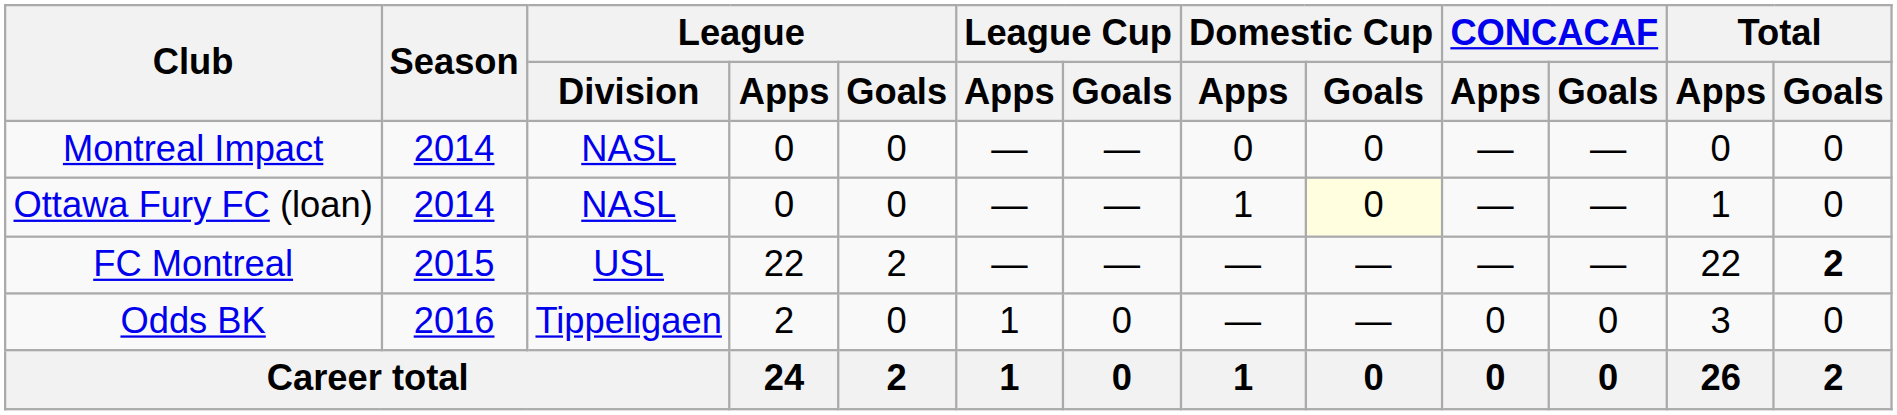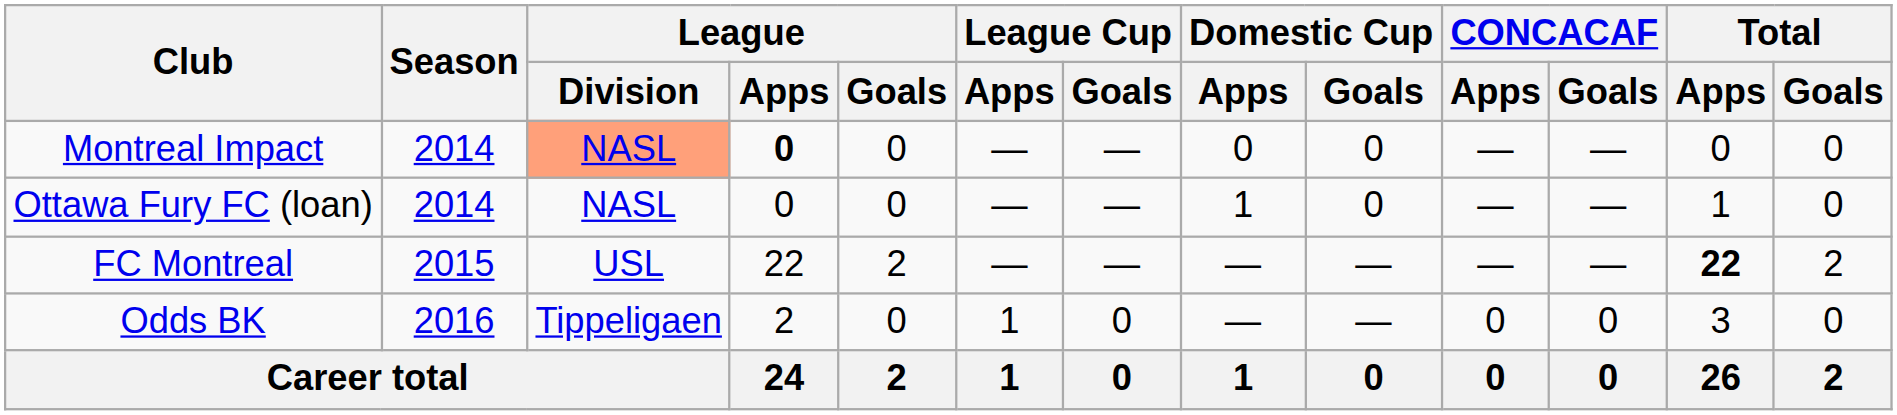 <table class="wikitable" style="text-align: center;">
 <tr>
 <th rowspan="2">Club</th>
 <th rowspan="2">Season</th>
 <th colspan="3">League</th>
 <th colspan="2">League Cup</th>
 <th colspan="2">Domestic Cup</th>
 <th colspan="2"><a href='#'>CONCACAF</a></th>
 <th colspan="2">Total</th>
 </tr>
 <tr>
 <th>Division</th>
 <th>Apps</th>
 <th>Goals</th>
 <th>Apps</th>
 <th>Goals</th>
 <th>Apps</th>
 <th>Goals</th>
 <th>Apps</th>
 <th>Goals</th>
 <th>Apps</th>
 <th>Goals</th>
 </tr>
 <tr>
 <td rowspan="1"><a href='#'>Montreal Impact</a></td>
 <td><a href='#'>2014</a></td>
-<td><a href='#'>NASL</a></td>
-<td>0</td>
+<td style="background: lightsalmon;"><a href='#'>NASL</a></td>
+<td><strong>0</strong></td>
 <td>0</td>
 <td>—</td>
 <td>—</td>
 <td>0</td>
 <td>0</td>
 <td>—</td>
 <td>—</td>
 <td>0</td>
 <td>0</td>
 </tr>
 <tr>
 <td rowspan="1"><a href='#'>Ottawa Fury FC</a> (loan)</td>
 <td><a href='#'>2014</a></td>
 <td><a href='#'>NASL</a></td>
 <td>0</td>
 <td>0</td>
 <td>—</td>
 <td>—</td>
 <td>1</td>
-<td style="background: lightyellow;">0</td>
+<td>0</td>
 <td>—</td>
 <td>—</td>
 <td>1</td>
 <td>0</td>
 </tr>
 <tr>
 <td rowspan="1"><a href='#'>FC Montreal</a></td>
 <td><a href='#'>2015</a></td>
 <td><a href='#'>USL</a></td>
 <td>22</td>
 <td>2</td>
 <td>—</td>
 <td>—</td>
 <td>—</td>
 <td>—</td>
 <td>—</td>
 <td>—</td>
-<td>22</td>
-<td><strong>2</strong></td>
+<td><strong>22</strong></td>
+<td>2</td>
 </tr>
 <tr>
 <td rowspan="1"><a href='#'>Odds BK</a></td>
 <td><a href='#'>2016</a></td>
 <td><a href='#'>Tippeligaen</a></td>
 <td>2</td>
 <td>0</td>
 <td>1</td>
 <td>0</td>
 <td>—</td>
 <td>—</td>
 <td>0</td>
 <td>0</td>
 <td>3</td>
 <td>0</td>
 </tr>
 <tr>
 <th colspan="3">Career total</th>
 <th>24</th>
 <th>2</th>
 <th>1</th>
 <th>0</th>
 <th>1</th>
 <th>0</th>
 <th>0</th>
 <th>0</th>
 <th>26</th>
 <th>2</th>
 </tr>
 </table>
